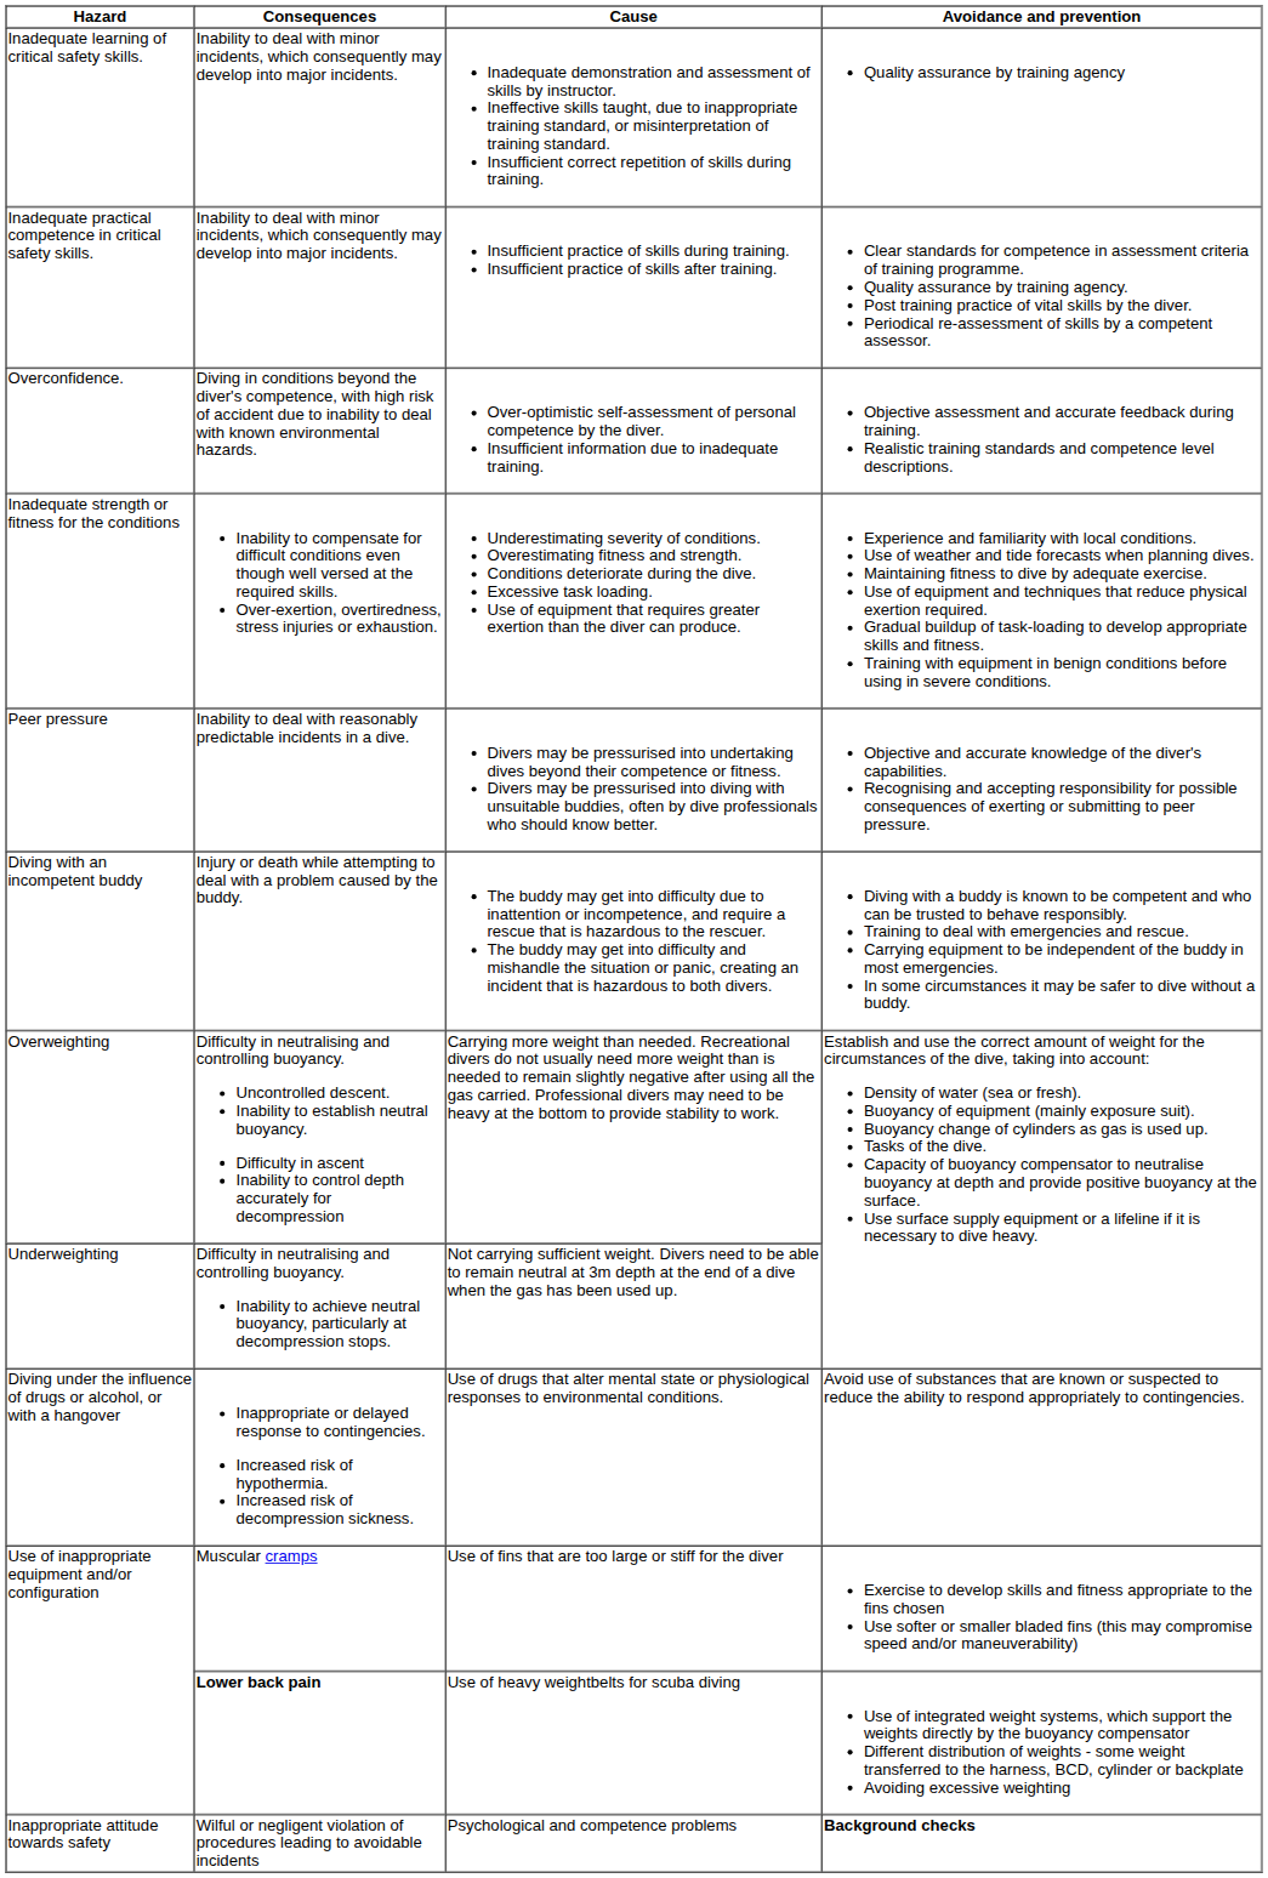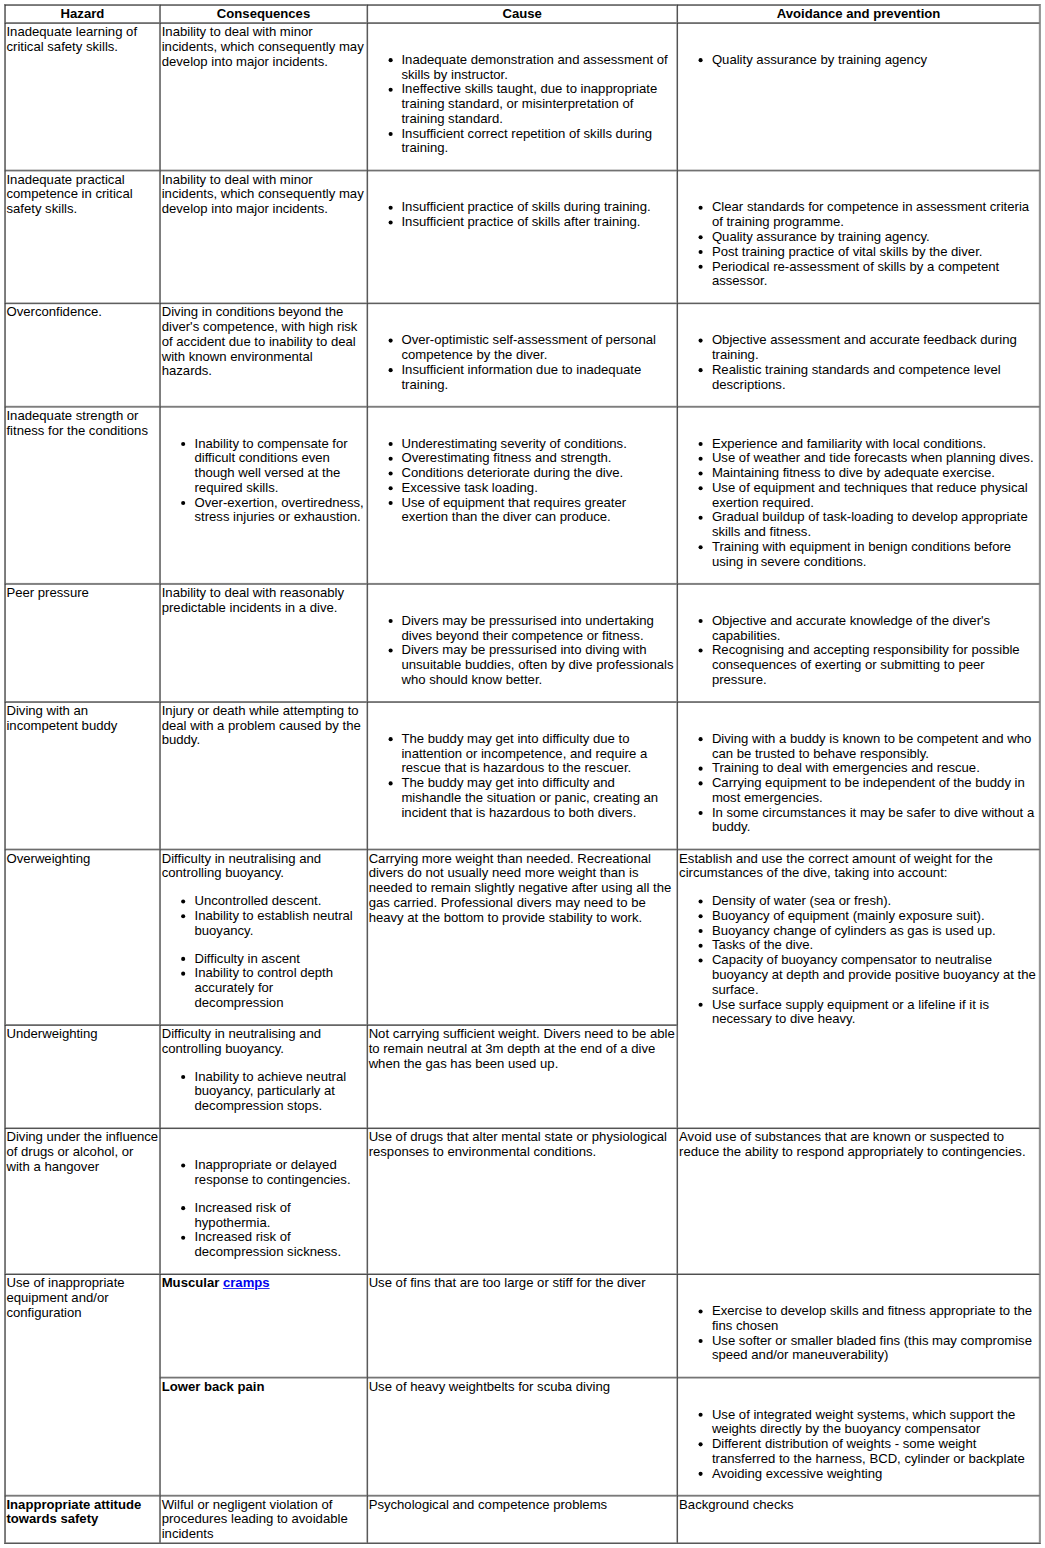 <table cellspacing="0" border="1" bgcolor="white">
 <tr>
 <th scope="col" width="15%">Hazard</th>
 <th scope="col" width="20%">Consequences</th>
 <th scope="col" width="30%">Cause</th>
 <th scope="col" width="35%">Avoidance and prevention</th>
 </tr>
 <tr valign="top">
 <td>Inadequate learning of critical safety skills.</td>
 <td>Inability to deal with minor incidents, which consequently may develop into major incidents.</td>
 <td><br><ul><li>Inadequate demonstration and assessment of skills by instructor.</li><li>Ineffective skills taught, due to inappropriate training standard, or misinterpretation of training standard.</li><li>Insufficient correct repetition of skills during training.</li></ul></td>
 <td><br><ul><li>Quality assurance by training agency</li></ul></td>
 </tr>
 <tr valign="top">
 <td>Inadequate practical competence in critical safety skills.</td>
 <td>Inability to deal with minor incidents, which consequently may develop into major incidents.</td>
 <td><br><ul><li>Insufficient practice of skills during training.</li><li>Insufficient practice of skills after training.</li></ul></td>
 <td><br><ul><li>Clear standards for competence in assessment criteria of training programme.</li><li>Quality assurance by training agency.</li><li>Post training practice of vital skills by the diver.</li><li>Periodical re-assessment of skills by a competent assessor.</li></ul></td>
 </tr>
 <tr valign="top">
 <td>Overconfidence.</td>
 <td>Diving in conditions beyond the diver's competence, with high risk of accident due to inability to deal with known environmental hazards.</td>
 <td><br><ul><li>Over-optimistic self-assessment of personal competence by the diver.</li><li>Insufficient information due to inadequate training.</li></ul></td>
 <td><br><ul><li>Objective assessment and accurate feedback during training.</li><li>Realistic training standards and competence level descriptions.</li></ul></td>
 </tr>
 <tr valign="top">
 <td>Inadequate strength or fitness for the conditions</td>
 <td><br><ul><li>Inability to compensate for difficult conditions even though well versed at the required skills.</li><li>Over-exertion, overtiredness, stress injuries or exhaustion.</li></ul></td>
 <td><br><ul><li>Underestimating severity of conditions.</li><li>Overestimating fitness and strength.</li><li>Conditions deteriorate during the dive.</li><li>Excessive task loading.</li><li>Use of equipment that requires greater exertion than the diver can produce.</li></ul></td>
 <td><br><ul><li>Experience and familiarity with local conditions.</li><li>Use of weather and tide forecasts when planning dives.</li><li>Maintaining fitness to dive by adequate exercise.</li><li>Use of equipment and techniques that reduce physical exertion required.</li><li>Gradual buildup of task-loading to develop appropriate skills and fitness.</li><li>Training with equipment in benign conditions before using in severe conditions.</li></ul></td>
 </tr>
 <tr valign="top">
 <td>Peer pressure</td>
 <td>Inability to deal with reasonably predictable incidents in a dive.</td>
 <td><br><ul><li>Divers may be pressurised into undertaking dives beyond their competence or fitness.</li><li>Divers may be pressurised into diving with unsuitable buddies, often by dive professionals who should know better.</li></ul></td>
 <td><br><ul><li>Objective and accurate knowledge of the diver's capabilities.</li><li>Recognising and accepting responsibility for possible consequences of exerting or submitting to peer pressure.</li></ul></td>
 </tr>
 <tr valign="top">
 <td>Diving with an incompetent buddy</td>
 <td>Injury or death while attempting to deal with a problem caused by the buddy.</td>
 <td><br><ul><li>The buddy may get into difficulty due to inattention or incompetence, and require a rescue that is hazardous to the rescuer.</li><li>The buddy may get into difficulty and mishandle the situation or panic, creating an incident that is hazardous to both divers.</li></ul></td>
 <td><br><ul><li>Diving with a buddy is known to be competent and who can be trusted to behave responsibly.</li><li>Training to deal with emergencies and rescue.</li><li>Carrying equipment to be independent of the buddy in most emergencies.</li><li>In some circumstances it may be safer to dive without a buddy.</li></ul></td>
 </tr>
 <tr valign="top">
 <td>Overweighting</td>
 <td>Difficulty in neutralising and controlling buoyancy.<br><ul><li>Uncontrolled descent.</li><li>Inability to establish neutral buoyancy.</li></ul><ul><li>Difficulty in ascent</li><li>Inability to control depth accurately for decompression</li></ul></td>
 <td>Carrying more weight than needed. Recreational divers do not usually need more weight than is needed to remain slightly negative after using all the gas carried. Professional divers may need to be heavy at the bottom to provide stability to work.</td>
 <td rowspan="2">Establish and use the correct amount of weight for the circumstances of the dive, taking into account:<br><ul><li>Density of water (sea or fresh).</li><li>Buoyancy of equipment (mainly exposure suit).</li><li>Buoyancy change of cylinders as gas is used up.</li><li>Tasks of the dive.</li><li>Capacity of buoyancy compensator to neutralise buoyancy at depth and provide positive buoyancy at the surface.</li><li>Use surface supply equipment or a lifeline if it is necessary to dive heavy.</li></ul></td>
 </tr>
 <tr valign="top">
 <td>Underweighting</td>
 <td>Difficulty in neutralising and controlling buoyancy.<br><ul><li>Inability to achieve neutral buoyancy, particularly at decompression stops.</li></ul></td>
 <td>Not carrying sufficient weight. Divers need to be able to remain neutral at 3m depth at the end of a dive when the gas has been used up.</td>
 </tr>
 <tr valign="top">
 <td>Diving under the influence of drugs or alcohol, or with a hangover</td>
 <td><br><ul><li>Inappropriate or delayed response to contingencies.</li></ul><ul><li>Increased risk of hypothermia.</li><li>Increased risk of decompression sickness.</li></ul></td>
 <td>Use of drugs that alter mental state or physiological responses to environmental conditions.</td>
 <td>Avoid use of substances that are known or suspected to reduce the ability to respond appropriately to contingencies.</td>
 </tr>
 <tr valign="top">
 <td rowspan="2">Use of inappropriate equipment and/or configuration</td>
-<td>Muscular <a href='#'>cramps</a></td>
+<td><strong>Muscular <a href='#'>cramps</a></strong></td>
 <td>Use of fins that are too large or stiff for the diver</td>
 <td><br><ul><li>Exercise to develop skills and fitness appropriate to the fins chosen</li><li>Use softer or smaller bladed fins (this may compromise speed and/or maneuverability)</li></ul></td>
 </tr>
 <tr valign="top">
 <td><strong>Lower back pain</strong></td>
 <td>Use of heavy weightbelts for scuba diving</td>
 <td><br><ul><li>Use of integrated weight systems, which support the weights directly by the buoyancy compensator</li><li>Different distribution of weights - some weight transferred to the harness, BCD, cylinder or backplate</li><li>Avoiding excessive weighting</li></ul></td>
 </tr>
 <tr valign="top">
-<td>Inappropriate attitude towards safety</td>
+<td><strong>Inappropriate attitude towards safety</strong></td>
 <td>Wilful or negligent violation of procedures leading to avoidable incidents</td>
 <td>Psychological and competence problems</td>
-<td><strong>Background checks</strong></td>
+<td>Background checks</td>
 </tr>
 </table>
